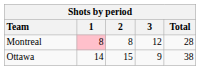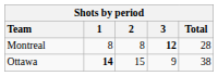 <table class="wikitable" style="width:20em; text-align:right;">
 <tr>
 <th colspan=6>Shots by period</th>
 </tr>
 <tr>
 <th style="width:8em; text-align:left;">Team</th>
 <th style="width:3em;">1</th>
 <th style="width:3em;">2</th>
 <th style="width:3em;">3</th>
 <th style="width:3em;">Total</th>
 </tr>
 <tr>
 <td style="text-align:left;">Montreal</td>
-<td style="background: pink;">8</td>
 <td>8</td>
-<td>12</td>
+<td>8</td>
+<td><strong>12</strong></td>
 <td>28</td>
 </tr>
 <tr>
 <td style="text-align:left;">Ottawa</td>
-<td>14</td>
+<td><strong>14</strong></td>
 <td>15</td>
 <td>9</td>
 <td>38</td>
 </tr>
 </table>
